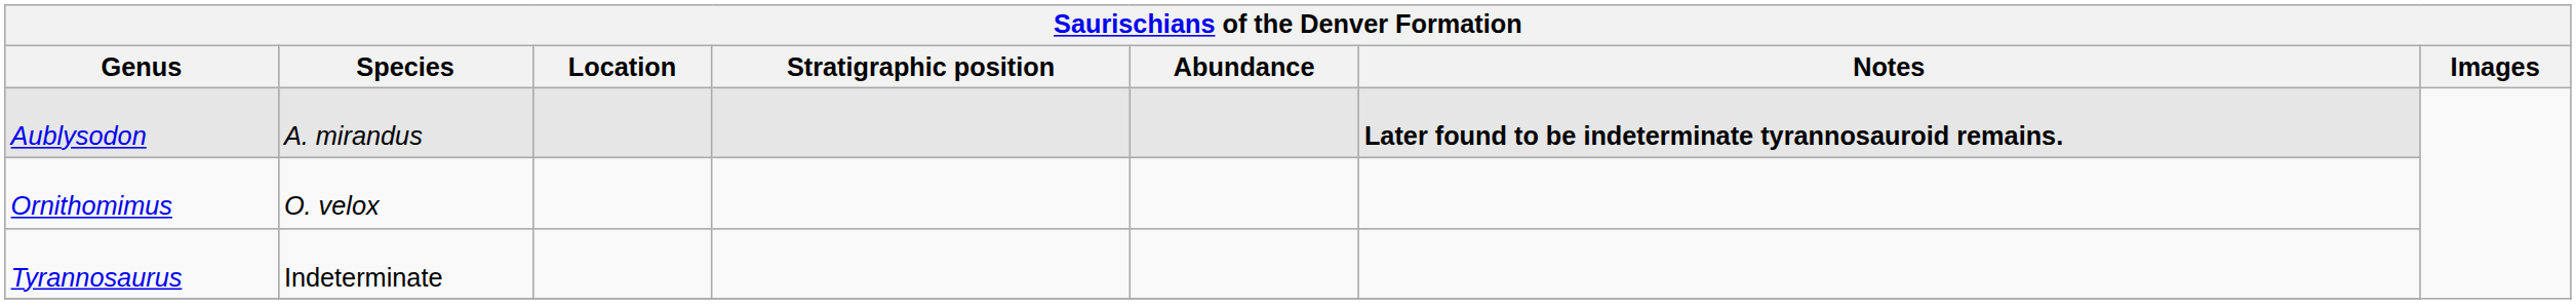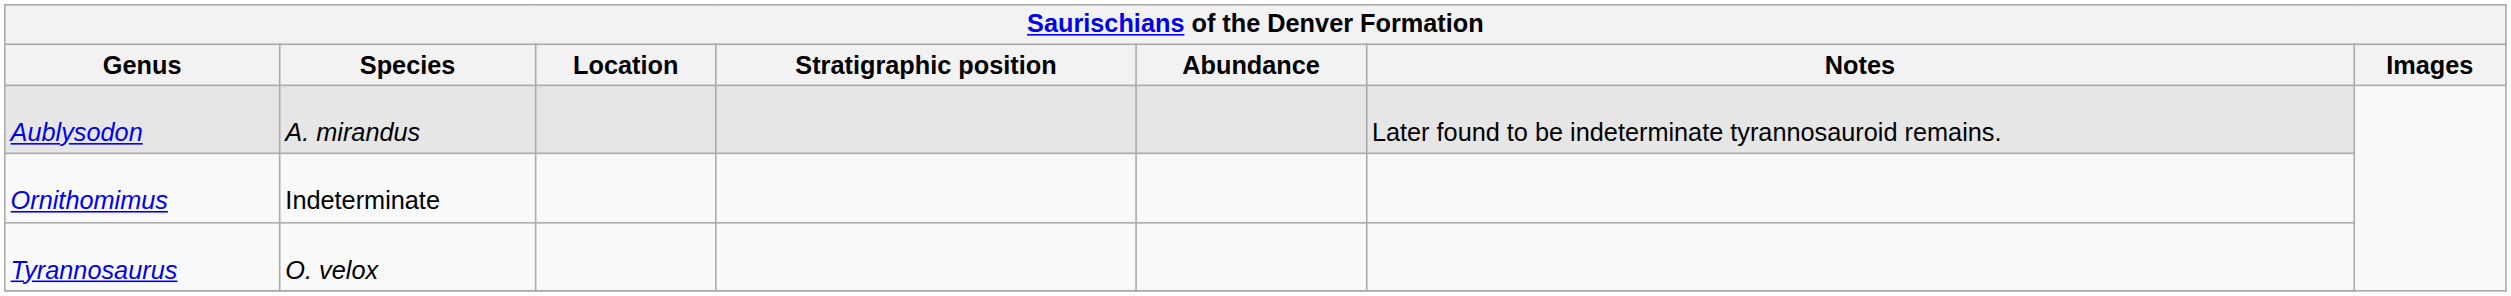 <table class="wikitable" align="center" width="100%">
 <tr>
 <th colspan="7" align="center"><strong><a href='#'>Saurischians</a> of the Denver Formation</strong></th>
 </tr>
 <tr>
 <th>Genus</th>
 <th>Species</th>
 <th>Location</th>
 <th>Stratigraphic position</th>
 <th>Abundance</th>
 <th>Notes</th>
 <th>Images</th>
 </tr>
 <tr>
 <td style="background:#E6E6E6;"><br><em><a href='#'>Aublysodon</a></em></td>
 <td style="background:#E6E6E6;"><br><em>A. mirandus</em></td>
 <td style="background:#E6E6E6;"></td>
 <td style="background:#E6E6E6;"></td>
 <td style="background:#E6E6E6;"></td>
-<td style="background:#E6E6E6;"><strong><br>Later found to be indeterminate tyrannosauroid remains.</strong></td>
+<td style="background:#E6E6E6;"><br>Later found to be indeterminate tyrannosauroid remains.</td>
 <td rowspan="99"><br> </td>
 </tr>
 <tr>
 <td><br><em><a href='#'>Ornithomimus</a></em></td>
-<td><br><em>O. velox</em></td>
+<td><br>Indeterminate</td>
 <td></td>
 <td></td>
 <td></td>
 <td></td>
 </tr>
 <tr>
 <td><br><em><a href='#'>Tyrannosaurus</a></em></td>
-<td><br>Indeterminate</td>
+<td><br><em>O. velox</em></td>
 <td></td>
 <td></td>
 <td></td>
 <td></td>
 </tr>
 <tr>
 </tr>
 </table>
